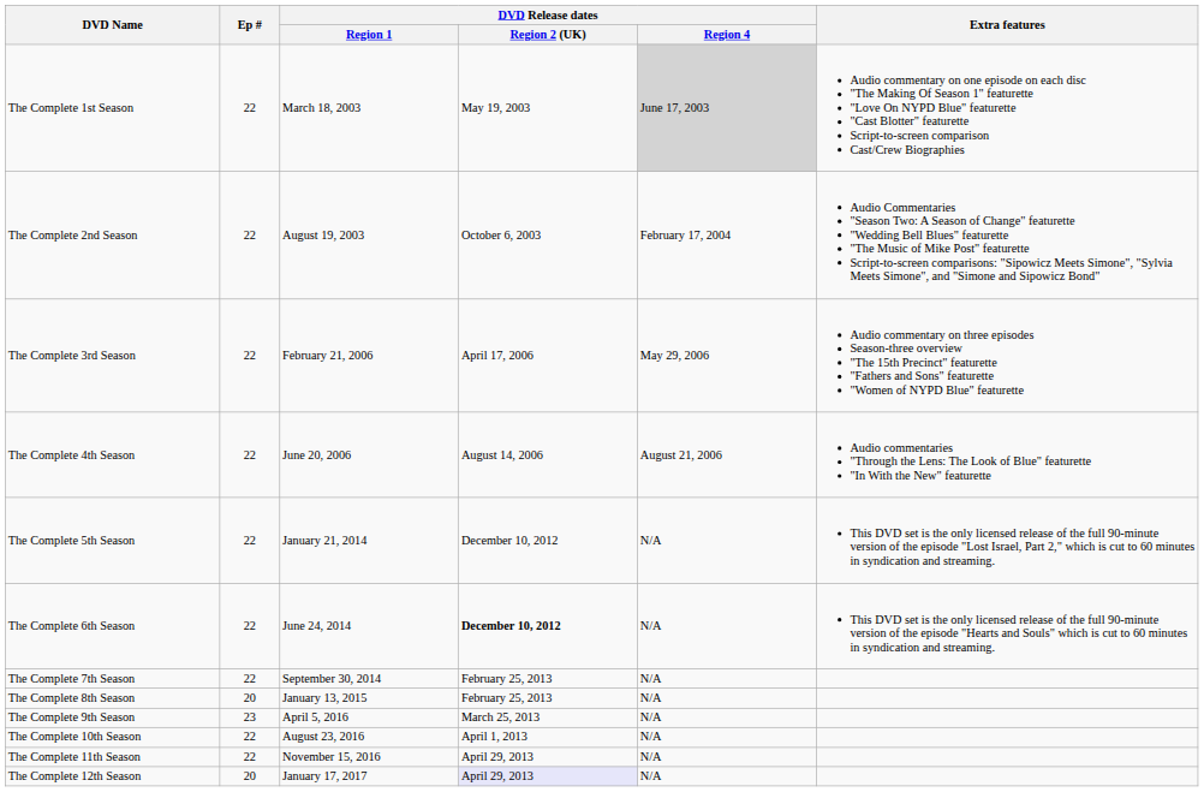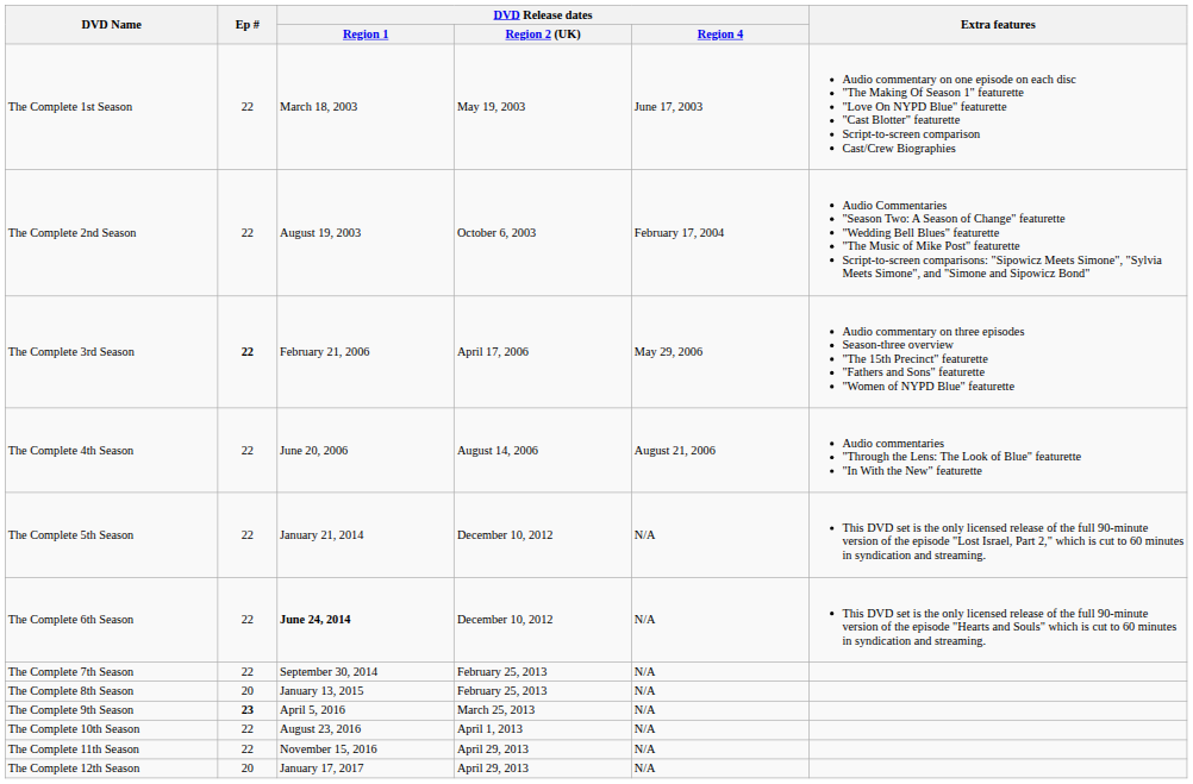 <table class="wikitable" style="width:98%;">
 <tr>
 <th width=18% rowspan="2">DVD Name</th>
 <th width=5%  rowspan="2">Ep #</th>
 <th colspan="3"><a href='#'>DVD</a> Release dates</th>
 <th rowspan="2">Extra features</th>
 </tr>
 <tr>
 <th width=15%><a href='#'>Region 1</a></th>
 <th width=15%><a href='#'>Region 2</a> (UK)</th>
 <th width=15%><a href='#'>Region 4</a></th>
 </tr>
 <tr>
 <td>The Complete 1st Season</td>
 <td align="center">22</td>
 <td>March 18, 2003</td>
 <td>May 19, 2003</td>
-<td style="background: lightgrey;">June 17, 2003</td>
+<td>June 17, 2003</td>
 <td><br><ul><li>Audio commentary on one episode on each disc</li><li>"The Making Of Season 1" featurette</li><li>"Love On NYPD Blue" featurette</li><li>"Cast Blotter" featurette</li><li>Script-to-screen comparison</li><li>Cast/Crew Biographies</li></ul></td>
 </tr>
 <tr>
 <td>The Complete 2nd Season</td>
 <td align="center">22</td>
 <td>August 19, 2003</td>
 <td>October 6, 2003</td>
 <td>February 17, 2004</td>
 <td><br><ul><li>Audio Commentaries</li><li>"Season Two: A Season of Change" featurette</li><li>"Wedding Bell Blues" featurette</li><li>"The Music of Mike Post" featurette</li><li>Script-to-screen comparisons: "Sipowicz Meets Simone", "Sylvia Meets Simone", and "Simone and Sipowicz Bond"</li></ul></td>
 </tr>
 <tr>
 <td>The Complete 3rd Season</td>
-<td align="center">22</td>
+<td align="center"><strong>22</strong></td>
 <td>February 21, 2006</td>
 <td>April 17, 2006</td>
 <td>May 29, 2006</td>
 <td><br><ul><li>Audio commentary on three episodes</li><li>Season-three overview</li><li>"The 15th Precinct" featurette</li><li>"Fathers and Sons" featurette</li><li>"Women of NYPD Blue" featurette</li></ul></td>
 </tr>
 <tr>
 <td>The Complete 4th Season</td>
 <td align="center">22</td>
 <td>June 20, 2006</td>
 <td>August 14, 2006</td>
 <td>August 21, 2006</td>
 <td><br><ul><li>Audio commentaries</li><li>"Through the Lens: The Look of Blue" featurette</li><li>"In With the New" featurette</li></ul></td>
 </tr>
 <tr>
 <td>The Complete 5th Season</td>
 <td align="center">22</td>
 <td>January 21, 2014</td>
 <td>December 10, 2012</td>
 <td>N/A</td>
 <td><br><ul><li>This DVD set is the only licensed release of the full 90-minute version of the episode "Lost Israel, Part 2," which is cut to 60 minutes in syndication and streaming.</li></ul></td>
 </tr>
 <tr>
 <td>The Complete 6th Season</td>
 <td align="center">22</td>
-<td>June 24, 2014</td>
-<td><strong>December 10, 2012</strong></td>
+<td><strong>June 24, 2014</strong></td>
+<td>December 10, 2012</td>
 <td>N/A</td>
 <td><br><ul><li>This DVD set is the only licensed release of the full 90-minute version of the episode "Hearts and Souls" which is cut to 60 minutes in syndication and streaming.</li></ul></td>
 </tr>
 <tr>
 <td>The Complete 7th Season</td>
 <td align="center">22</td>
 <td>September 30, 2014</td>
 <td>February 25, 2013</td>
 <td>N/A</td>
 <td></td>
 </tr>
 <tr>
 <td>The Complete 8th Season</td>
 <td align="center">20</td>
 <td>January 13, 2015</td>
 <td>February 25, 2013</td>
 <td>N/A</td>
 <td></td>
 </tr>
 <tr>
 <td>The Complete 9th Season</td>
-<td align="center">23</td>
+<td align="center"><strong>23</strong></td>
 <td>April 5, 2016</td>
 <td>March 25, 2013</td>
 <td>N/A</td>
 <td></td>
 </tr>
 <tr>
 <td>The Complete 10th Season</td>
 <td align="center">22</td>
 <td>August 23, 2016</td>
 <td>April 1, 2013</td>
 <td>N/A</td>
 <td></td>
 </tr>
 <tr>
 <td>The Complete 11th Season</td>
 <td align="center">22</td>
 <td>November 15, 2016</td>
 <td>April 29, 2013</td>
 <td>N/A</td>
 <td></td>
 </tr>
 <tr>
 <td>The Complete 12th Season</td>
 <td align="center">20</td>
 <td>January 17, 2017</td>
-<td style="background: lavender;">April 29, 2013</td>
+<td>April 29, 2013</td>
 <td>N/A</td>
 <td></td>
 </tr>
 </table>
